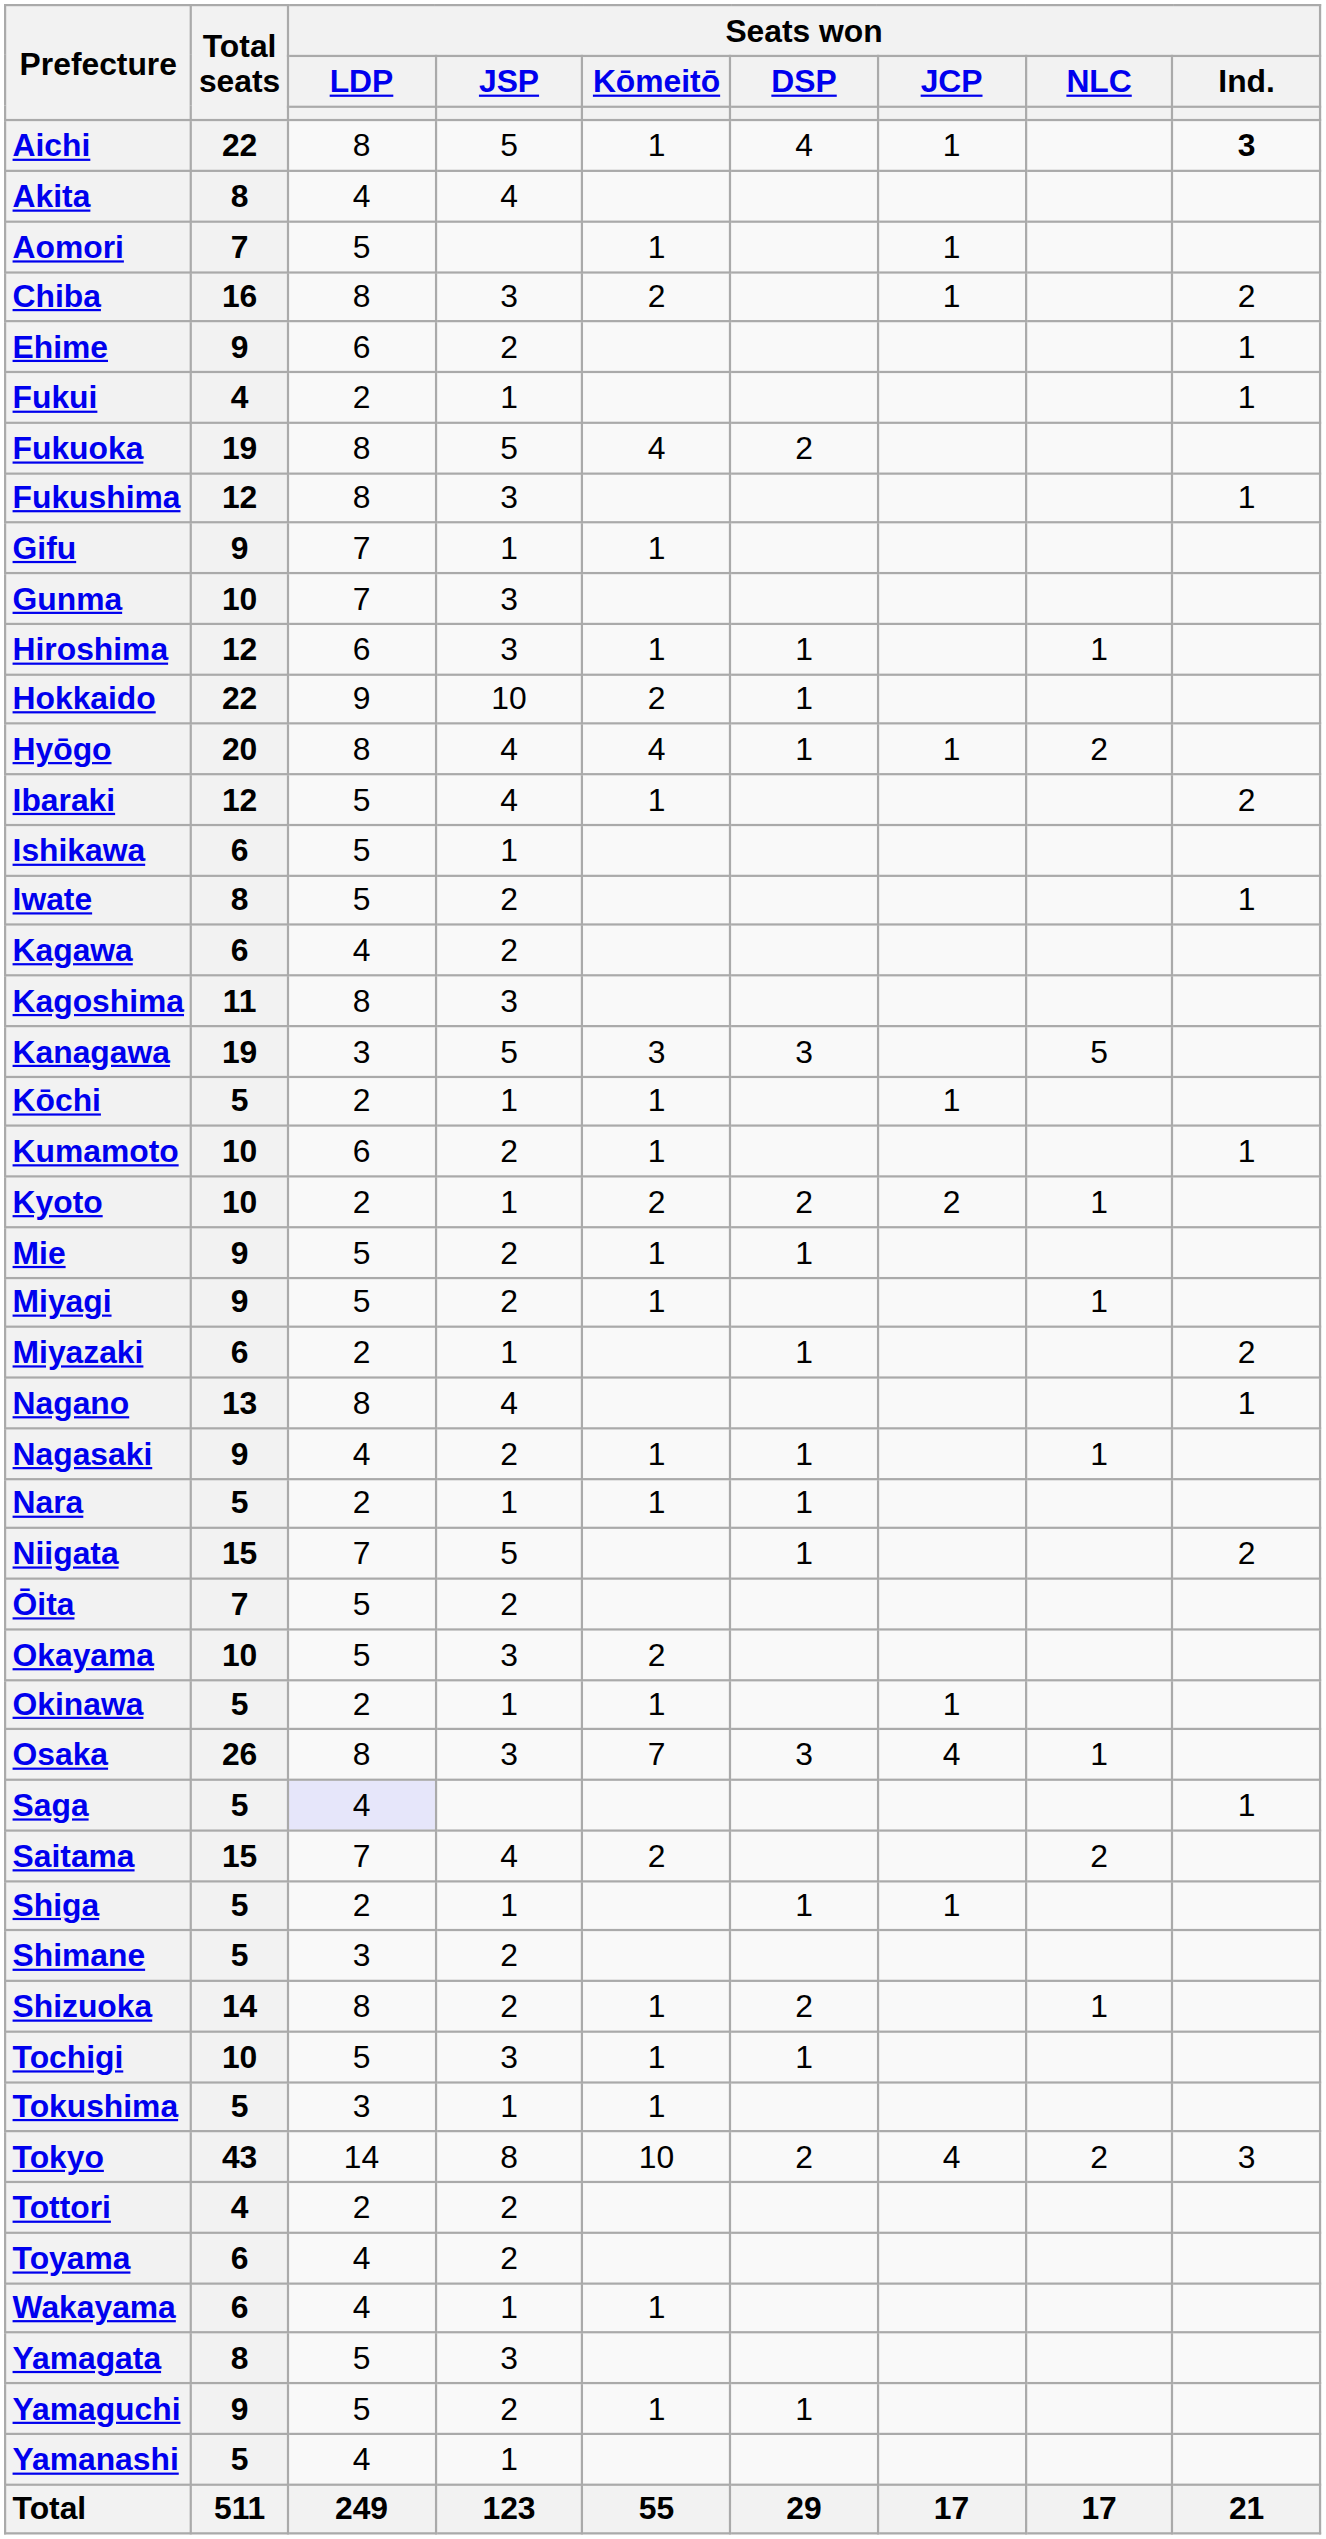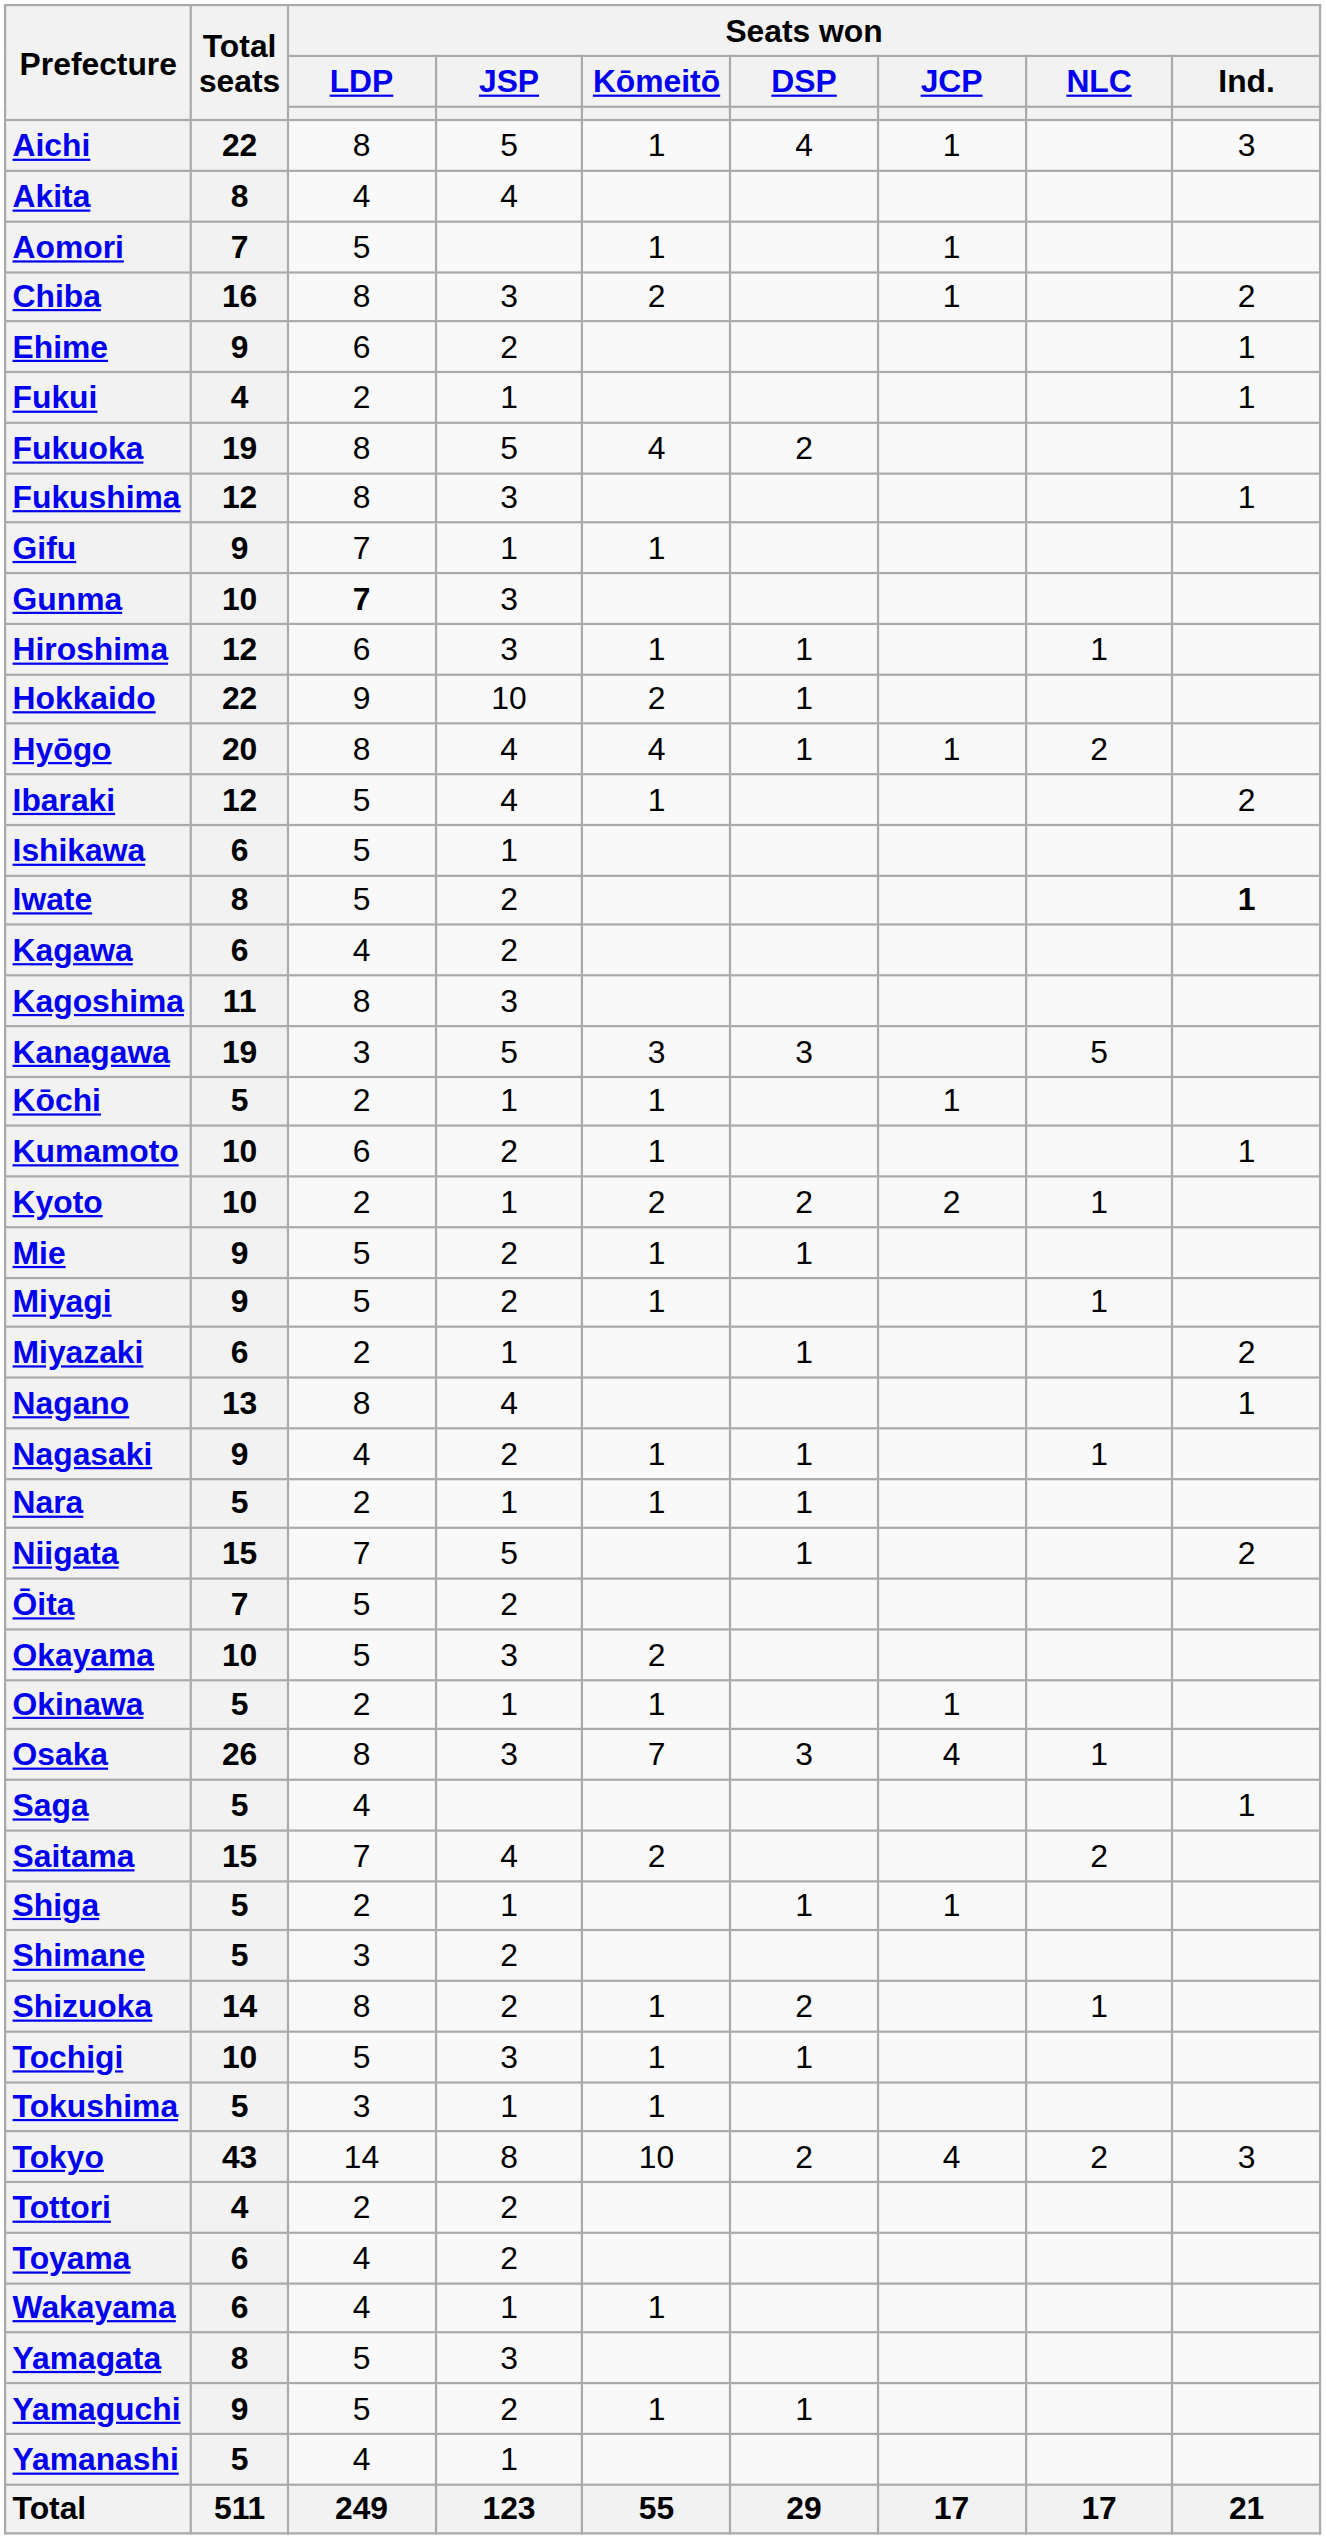 <table class="wikitable" style="text-align:center; font-size: 0.9em;">
 <tr>
 <th rowspan="3">Prefecture</th>
 <th rowspan="3">Total<br>seats</th>
 <th colspan="7">Seats won</th>
 </tr>
 <tr>
 <th class="unsortable" style="width:60px;"><a href='#'>LDP</a></th>
 <th class="unsortable" style="width:60px;"><a href='#'>JSP</a></th>
 <th class="unsortable" style="width:60px;"><a href='#'>Kōmeitō</a></th>
 <th class="unsortable" style="width:60px;"><a href='#'>DSP</a></th>
 <th class="unsortable" style="width:60px;"><a href='#'>JCP</a></th>
 <th class="unsortable" style="width:60px;"><a href='#'>NLC</a></th>
 <th class="unsortable" style="width:60px;">Ind.</th>
 </tr>
 <tr>
 <th style="background:"></th>
 <th style="background:"></th>
 <th style="background:"></th>
 <th style="background:"></th>
 <th style="background:"></th>
 <th style="background:"></th>
 <th style="background:"></th>
 </tr>
 <tr>
 <th style="text-align: left;"><a href='#'>Aichi</a></th>
 <th>22</th>
 <td>8</td>
 <td>5</td>
 <td>1</td>
 <td>4</td>
 <td>1</td>
 <td></td>
-<td><strong>3</strong></td>
+<td>3</td>
 </tr>
 <tr>
 <th style="text-align: left;"><a href='#'>Akita</a></th>
 <th>8</th>
 <td>4</td>
 <td>4</td>
 <td></td>
 <td></td>
 <td></td>
 <td></td>
 <td></td>
 </tr>
 <tr>
 <th style="text-align: left;"><a href='#'>Aomori</a></th>
 <th>7</th>
 <td>5</td>
 <td></td>
 <td>1</td>
 <td></td>
 <td>1</td>
 <td></td>
 <td></td>
 </tr>
 <tr>
 <th style="text-align: left;"><a href='#'>Chiba</a></th>
 <th>16</th>
 <td>8</td>
 <td>3</td>
 <td>2</td>
 <td></td>
 <td>1</td>
 <td></td>
 <td>2</td>
 </tr>
 <tr>
 <th style="text-align: left;"><a href='#'>Ehime</a></th>
 <th>9</th>
 <td>6</td>
 <td>2</td>
 <td></td>
 <td></td>
 <td></td>
 <td></td>
 <td>1</td>
 </tr>
 <tr>
 <th style="text-align: left;"><a href='#'>Fukui</a></th>
 <th>4</th>
 <td>2</td>
 <td>1</td>
 <td></td>
 <td></td>
 <td></td>
 <td></td>
 <td>1</td>
 </tr>
 <tr>
 <th style="text-align: left;"><a href='#'>Fukuoka</a></th>
 <th>19</th>
 <td>8</td>
 <td>5</td>
 <td>4</td>
 <td>2</td>
 <td></td>
 <td></td>
 <td></td>
 </tr>
 <tr>
 <th style="text-align: left;"><a href='#'>Fukushima</a></th>
 <th>12</th>
 <td>8</td>
 <td>3</td>
 <td></td>
 <td></td>
 <td></td>
 <td></td>
 <td>1</td>
 </tr>
 <tr>
 <th style="text-align: left;"><a href='#'>Gifu</a></th>
 <th>9</th>
 <td>7</td>
 <td>1</td>
 <td>1</td>
 <td></td>
 <td></td>
 <td></td>
 <td></td>
 </tr>
 <tr>
 <th style="text-align: left;"><a href='#'>Gunma</a></th>
 <th>10</th>
-<td>7</td>
+<td><strong>7</strong></td>
 <td>3</td>
 <td></td>
 <td></td>
 <td></td>
 <td></td>
 <td></td>
 </tr>
 <tr>
 <th style="text-align: left;"><a href='#'>Hiroshima</a></th>
 <th>12</th>
 <td>6</td>
 <td>3</td>
 <td>1</td>
 <td>1</td>
 <td></td>
 <td>1</td>
 <td></td>
 </tr>
 <tr>
 <th style="text-align: left;"><a href='#'>Hokkaido</a></th>
 <th>22</th>
 <td>9</td>
 <td>10</td>
 <td>2</td>
 <td>1</td>
 <td></td>
 <td></td>
 <td></td>
 </tr>
 <tr>
 <th style="text-align: left;"><a href='#'>Hyōgo</a></th>
 <th>20</th>
 <td>8</td>
 <td>4</td>
 <td>4</td>
 <td>1</td>
 <td>1</td>
 <td>2</td>
 <td></td>
 </tr>
 <tr>
 <th style="text-align: left;"><a href='#'>Ibaraki</a></th>
 <th>12</th>
 <td>5</td>
 <td>4</td>
 <td>1</td>
 <td></td>
 <td></td>
 <td></td>
 <td>2</td>
 </tr>
 <tr>
 <th style="text-align: left;"><a href='#'>Ishikawa</a></th>
 <th>6</th>
 <td>5</td>
 <td>1</td>
 <td></td>
 <td></td>
 <td></td>
 <td></td>
 <td></td>
 </tr>
 <tr>
 <th style="text-align: left;"><a href='#'>Iwate</a></th>
 <th>8</th>
 <td>5</td>
 <td>2</td>
 <td></td>
 <td></td>
 <td></td>
 <td></td>
-<td>1</td>
+<td><strong>1</strong></td>
 </tr>
 <tr>
 <th style="text-align: left;"><a href='#'>Kagawa</a></th>
 <th>6</th>
 <td>4</td>
 <td>2</td>
 <td></td>
 <td></td>
 <td></td>
 <td></td>
 <td></td>
 </tr>
 <tr>
 <th style="text-align: left;"><a href='#'>Kagoshima</a></th>
 <th>11</th>
 <td>8</td>
 <td>3</td>
 <td></td>
 <td></td>
 <td></td>
 <td></td>
 <td></td>
 </tr>
 <tr>
 <th style="text-align: left;"><a href='#'>Kanagawa</a></th>
 <th>19</th>
 <td>3</td>
 <td>5</td>
 <td>3</td>
 <td>3</td>
 <td></td>
 <td>5</td>
 <td></td>
 </tr>
 <tr>
 <th style="text-align: left;"><a href='#'>Kōchi</a></th>
 <th>5</th>
 <td>2</td>
 <td>1</td>
 <td>1</td>
 <td></td>
 <td>1</td>
 <td></td>
 <td></td>
 </tr>
 <tr>
 <th style="text-align: left;"><a href='#'>Kumamoto</a></th>
 <th>10</th>
 <td>6</td>
 <td>2</td>
 <td>1</td>
 <td></td>
 <td></td>
 <td></td>
 <td>1</td>
 </tr>
 <tr>
 <th style="text-align: left;"><a href='#'>Kyoto</a></th>
 <th>10</th>
 <td>2</td>
 <td>1</td>
 <td>2</td>
 <td>2</td>
 <td>2</td>
 <td>1</td>
 <td></td>
 </tr>
 <tr>
 <th style="text-align: left;"><a href='#'>Mie</a></th>
 <th>9</th>
 <td>5</td>
 <td>2</td>
 <td>1</td>
 <td>1</td>
 <td></td>
 <td></td>
 <td></td>
 </tr>
 <tr>
 <th style="text-align: left;"><a href='#'>Miyagi</a></th>
 <th>9</th>
 <td>5</td>
 <td>2</td>
 <td>1</td>
 <td></td>
 <td></td>
 <td>1</td>
 <td></td>
 </tr>
 <tr>
 <th style="text-align: left;"><a href='#'>Miyazaki</a></th>
 <th>6</th>
 <td>2</td>
 <td>1</td>
 <td></td>
 <td>1</td>
 <td></td>
 <td></td>
 <td>2</td>
 </tr>
 <tr>
 <th style="text-align: left;"><a href='#'>Nagano</a></th>
 <th>13</th>
 <td>8</td>
 <td>4</td>
 <td></td>
 <td></td>
 <td></td>
 <td></td>
 <td>1</td>
 </tr>
 <tr>
 <th style="text-align: left;"><a href='#'>Nagasaki</a></th>
 <th>9</th>
 <td>4</td>
 <td>2</td>
 <td>1</td>
 <td>1</td>
 <td></td>
 <td>1</td>
 <td></td>
 </tr>
 <tr>
 <th style="text-align: left;"><a href='#'>Nara</a></th>
 <th>5</th>
 <td>2</td>
 <td>1</td>
 <td>1</td>
 <td>1</td>
 <td></td>
 <td></td>
 <td></td>
 </tr>
 <tr>
 <th style="text-align: left;"><a href='#'>Niigata</a></th>
 <th>15</th>
 <td>7</td>
 <td>5</td>
 <td></td>
 <td>1</td>
 <td></td>
 <td></td>
 <td>2</td>
 </tr>
 <tr>
 <th style="text-align: left;"><a href='#'>Ōita</a></th>
 <th>7</th>
 <td>5</td>
 <td>2</td>
 <td></td>
 <td></td>
 <td></td>
 <td></td>
 <td></td>
 </tr>
 <tr>
 <th style="text-align: left;"><a href='#'>Okayama</a></th>
 <th>10</th>
 <td>5</td>
 <td>3</td>
 <td>2</td>
 <td></td>
 <td></td>
 <td></td>
 <td></td>
 </tr>
 <tr>
 <th style="text-align: left;"><a href='#'>Okinawa</a></th>
 <th>5</th>
 <td>2</td>
 <td>1</td>
 <td>1</td>
 <td></td>
 <td>1</td>
 <td></td>
 <td></td>
 </tr>
 <tr>
 <th style="text-align: left;"><a href='#'>Osaka</a></th>
 <th>26</th>
 <td>8</td>
 <td>3</td>
 <td>7</td>
 <td>3</td>
 <td>4</td>
 <td>1</td>
 <td></td>
 </tr>
 <tr>
 <th style="text-align: left;"><a href='#'>Saga</a></th>
 <th>5</th>
-<td style="background: lavender;">4</td>
+<td>4</td>
 <td></td>
 <td></td>
 <td></td>
 <td></td>
 <td></td>
 <td>1</td>
 </tr>
 <tr>
 <th style="text-align: left;"><a href='#'>Saitama</a></th>
 <th>15</th>
 <td>7</td>
 <td>4</td>
 <td>2</td>
 <td></td>
 <td></td>
 <td>2</td>
 <td></td>
 </tr>
 <tr>
 <th style="text-align: left;"><a href='#'>Shiga</a></th>
 <th>5</th>
 <td>2</td>
 <td>1</td>
 <td></td>
 <td>1</td>
 <td>1</td>
 <td></td>
 <td></td>
 </tr>
 <tr>
 <th style="text-align: left;"><a href='#'>Shimane</a></th>
 <th>5</th>
 <td>3</td>
 <td>2</td>
 <td></td>
 <td></td>
 <td></td>
 <td></td>
 <td></td>
 </tr>
 <tr>
 <th style="text-align: left;"><a href='#'>Shizuoka</a></th>
 <th>14</th>
 <td>8</td>
 <td>2</td>
 <td>1</td>
 <td>2</td>
 <td></td>
 <td>1</td>
 <td></td>
 </tr>
 <tr>
 <th style="text-align: left;"><a href='#'>Tochigi</a></th>
 <th>10</th>
 <td>5</td>
 <td>3</td>
 <td>1</td>
 <td>1</td>
 <td></td>
 <td></td>
 <td></td>
 </tr>
 <tr>
 <th style="text-align: left;"><a href='#'>Tokushima</a></th>
 <th>5</th>
 <td>3</td>
 <td>1</td>
 <td>1</td>
 <td></td>
 <td></td>
 <td></td>
 <td></td>
 </tr>
 <tr>
 <th style="text-align: left;"><a href='#'>Tokyo</a></th>
 <th>43</th>
 <td>14</td>
 <td>8</td>
 <td>10</td>
 <td>2</td>
 <td>4</td>
 <td>2</td>
 <td>3</td>
 </tr>
 <tr>
 <th style="text-align: left;"><a href='#'>Tottori</a></th>
 <th>4</th>
 <td>2</td>
 <td>2</td>
 <td></td>
 <td></td>
 <td></td>
 <td></td>
 <td></td>
 </tr>
 <tr>
 <th style="text-align: left;"><a href='#'>Toyama</a></th>
 <th>6</th>
 <td>4</td>
 <td>2</td>
 <td></td>
 <td></td>
 <td></td>
 <td></td>
 <td></td>
 </tr>
 <tr>
 <th style="text-align: left;"><a href='#'>Wakayama</a></th>
 <th>6</th>
 <td>4</td>
 <td>1</td>
 <td>1</td>
 <td></td>
 <td></td>
 <td></td>
 <td></td>
 </tr>
 <tr>
 <th style="text-align: left;"><a href='#'>Yamagata</a></th>
 <th>8</th>
 <td>5</td>
 <td>3</td>
 <td></td>
 <td></td>
 <td></td>
 <td></td>
 <td></td>
 </tr>
 <tr>
 <th style="text-align: left;"><a href='#'>Yamaguchi</a></th>
 <th>9</th>
 <td>5</td>
 <td>2</td>
 <td>1</td>
 <td>1</td>
 <td></td>
 <td></td>
 <td></td>
 </tr>
 <tr>
 <th style="text-align: left;"><a href='#'>Yamanashi</a></th>
 <th>5</th>
 <td>4</td>
 <td>1</td>
 <td></td>
 <td></td>
 <td></td>
 <td></td>
 <td></td>
 </tr>
 <tr class="sortbottom">
 <th style="text-align: left;">Total</th>
 <th>511</th>
 <th>249</th>
 <th>123</th>
 <th>55</th>
 <th>29</th>
 <th>17</th>
 <th>17</th>
 <th>21</th>
 </tr>
 </table>
